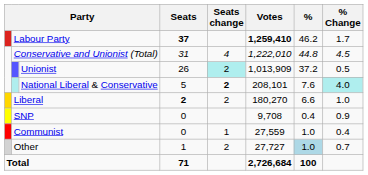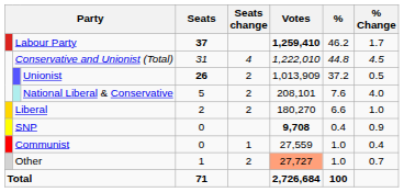 <table class="wikitable sortable">
 <tr>
 <th style="width:200px" colspan=3>Party</th>
 <th style="width:70px;">Seats</th>
 <th style="width:40px;">Seats change</th>
 <th style="width:40px;">Votes</th>
 <th style="width:40px;">%</th>
 <th style="width:40px;">% Change</th>
 </tr>
 <tr>
 <td style="background-color:#DC241f"> </td>
 <td colspan=2><a href='#'>Labour Party</a></td>
 <td align=center><strong>37</strong></td>
 <td align=center></td>
 <td align=center><strong>1,259,410</strong></td>
 <td align=center>46.2</td>
 <td align=center> 1.7</td>
 </tr>
 <tr>
 <td rowspan= 3> </td>
 <td colspan=2><em><a href='#'>Conservative and Unionist</a> (Total)</em></td>
 <td align=center><em>31</em></td>
 <td align=center><em>4</em></td>
 <td align=center><em>	1,222,010</em></td>
 <td align=center><em>44.8</em></td>
 <td align=center><em>4.5</em></td>
 </tr>
 <tr>
 <td style="background-color:#5555FF"> </td>
 <td><a href='#'>Unionist</a></td>
-<td align="center">26</td>
-<td align="center" style="background: paleturquoise;"> 2</td>
+<td align="center"><strong>26</strong></td>
+<td align="center"> 2</td>
 <td align="center">1,013,909</td>
 <td align="center">37.2</td>
 <td align="center"> 0.5</td>
 </tr>
 <tr>
 <td style="background-color:#AFEEEE"> </td>
 <td><a href='#'>National Liberal</a> & <a href='#'>Conservative</a></td>
 <td align="center">5</td>
-<td align="center"><strong> 2</strong></td>
+<td align="center"> 2</td>
 <td align="center">208,101</td>
 <td align="center">7.6</td>
-<td align="center" style="background: paleturquoise;"> 4.0</td>
+<td align="center"> 4.0</td>
 </tr>
 <tr>
 <td style="background-color:#FFD700"> </td>
 <td colspan=2><a href='#'>Liberal</a></td>
-<td align=center><strong>2</strong></td>
+<td align=center>2</td>
 <td align=center> 2</td>
 <td align=center>180,270</td>
 <td align=center>6.6</td>
 <td align=center> 1.0</td>
 </tr>
 <tr>
 <td style="background-color:#FFFF00"> </td>
 <td colspan=2><a href='#'>SNP</a></td>
 <td align=center>0</td>
 <td align=center></td>
-<td align=center>9,708</td>
+<td align=center><strong>9,708</strong></td>
 <td align=center>0.4</td>
 <td align=center> 0.9</td>
 </tr>
 <tr>
 <td style="background-color:#FF0000"> </td>
 <td colspan=2><a href='#'>Communist</a></td>
 <td align=center>0</td>
 <td align=center> 1</td>
 <td align=center>27,559</td>
 <td align=center>1.0</td>
 <td align=center> 0.4</td>
 </tr>
 <tr>
 <td style="background-color:#D3D3D3"> </td>
 <td colspan=2>Other</td>
 <td align="center">1</td>
 <td align="center"> 2</td>
-<td align="center">27,727</td>
-<td align="center" style="background: lightblue;">1.0</td>
+<td align="center" style="background: lightsalmon;">27,727</td>
+<td align="center">1.0</td>
 <td align="center"> 0.7</td>
 </tr>
 <tr>
 <td colspan=3><strong>Total</strong></td>
 <td align=center><strong>71</strong></td>
 <td align=center></td>
 <td align=center><strong>2,726,684</strong></td>
 <td align=center><strong>100</strong></td>
 <td align=center></td>
 </tr>
 </table>
